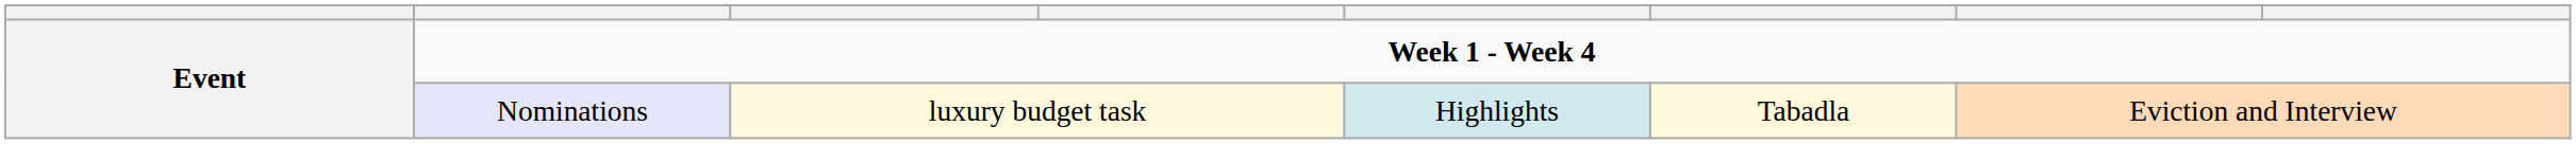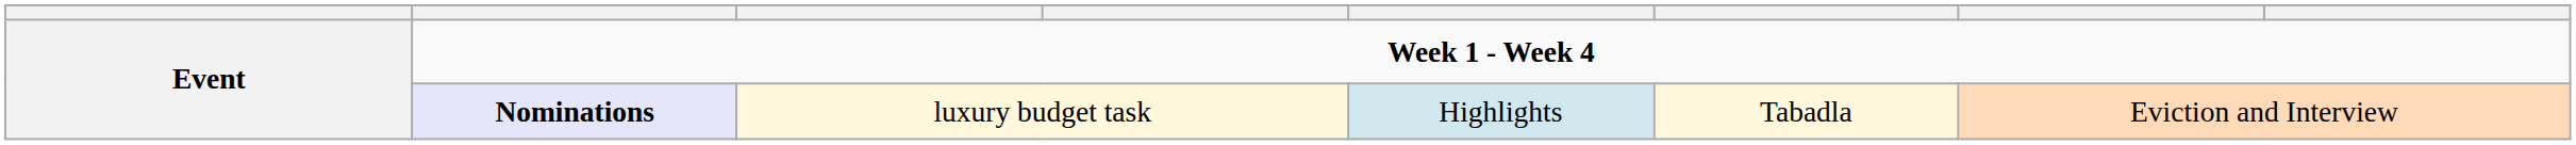 <table class="wikitable" style="text-align:center; font-size:89%; line-height:13px;">
 <tr>
 <th style="width: 8%;"></th>
 <th style="width: 6%;"></th>
 <th style="width: 6%;"></th>
 <th style="width: 6%;"></th>
 <th style="width: 6%;"></th>
 <th style="width: 6%;"></th>
 <th style="width: 6%;"></th>
 <th style="width: 6%;"></th>
 </tr>
 <tr>
 <th rowspan=2>Event</th>
 <td height=25 colspan="7"><strong>Week 1 - Week 4</strong></td>
 </tr>
 <tr>
-<td bgcolor=Lavender>Nominations</td>
+<td bgcolor=Lavender><strong>Nominations</strong></td>
 <td bgcolor=Cornsilk colspan="2">luxury budget task</td>
 <td bgcolor=#D1E8EF>Highlights</td>
 <td bgcolor=Cornsilk>Tabadla</td>
 <td bgcolor=PeachPuff height=20 colspan="2">Eviction and Interview</td>
 </tr>
 </table>
